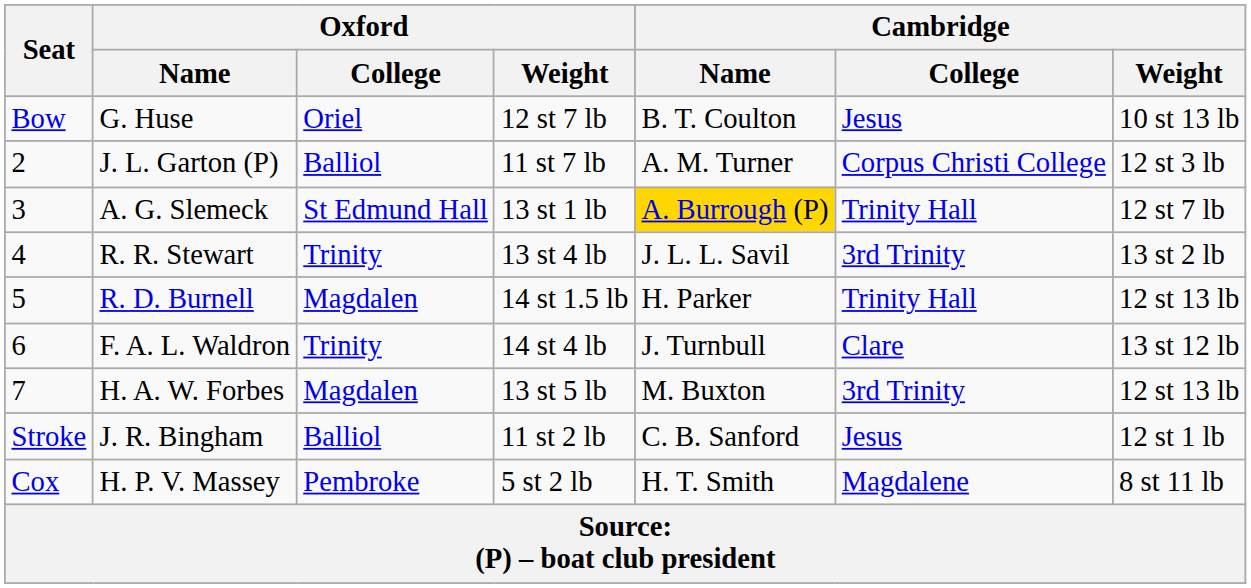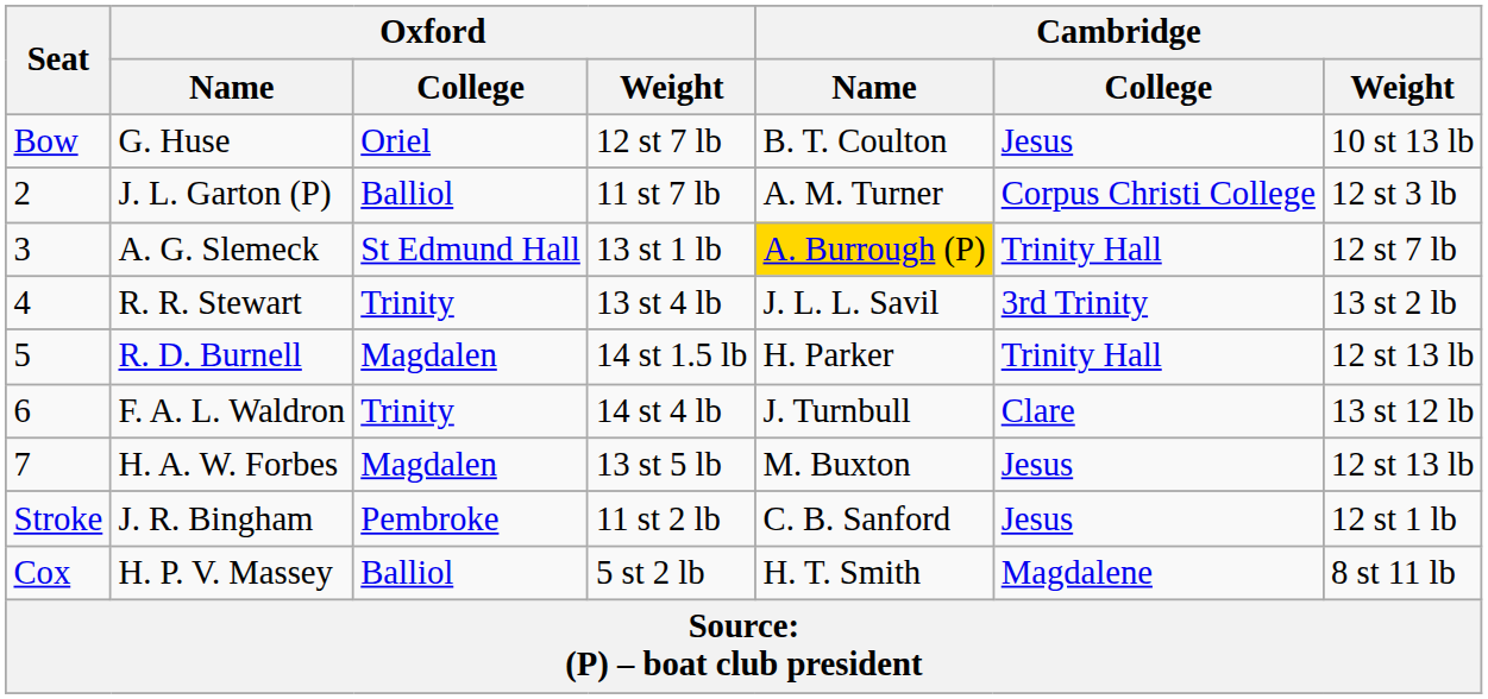 <table class="wikitable">
 <tr>
 <th rowspan="2" scope="col">Seat</th>
 <th colspan="3" scope="col">Oxford <br> </th>
 <th colspan="3" scope="col">Cambridge <br> </th>
 </tr>
 <tr>
 <th>Name</th>
 <th>College</th>
 <th>Weight</th>
 <th>Name</th>
 <th>College</th>
 <th>Weight</th>
 </tr>
 <tr>
 <td><a href='#'>Bow</a></td>
 <td>G. Huse</td>
 <td><a href='#'>Oriel</a></td>
 <td>12 st 7 lb</td>
 <td>B. T. Coulton</td>
 <td><a href='#'>Jesus</a></td>
 <td>10 st 13 lb</td>
 </tr>
 <tr>
 <td>2</td>
 <td>J. L. Garton (P)</td>
 <td><a href='#'>Balliol</a></td>
 <td>11 st 7 lb</td>
 <td>A. M. Turner</td>
 <td><a href='#'>Corpus Christi College</a></td>
 <td>12 st 3 lb</td>
 </tr>
 <tr>
 <td>3</td>
 <td>A. G. Slemeck</td>
 <td><a href='#'>St Edmund Hall</a></td>
 <td>13 st 1 lb</td>
 <td style="background: gold;"><a href='#'>A. Burrough</a> (P)</td>
 <td><a href='#'>Trinity Hall</a></td>
 <td>12 st 7 lb</td>
 </tr>
 <tr>
 <td>4</td>
 <td>R. R. Stewart</td>
 <td><a href='#'>Trinity</a></td>
 <td>13 st 4 lb</td>
 <td>J. L. L. Savil</td>
 <td><a href='#'>3rd Trinity</a></td>
 <td>13 st 2 lb</td>
 </tr>
 <tr>
 <td>5</td>
 <td><a href='#'>R. D. Burnell</a></td>
 <td><a href='#'>Magdalen</a></td>
 <td>14 st 1.5 lb</td>
 <td>H. Parker</td>
 <td><a href='#'>Trinity Hall</a></td>
 <td>12 st 13 lb</td>
 </tr>
 <tr>
 <td>6</td>
 <td>F. A. L. Waldron</td>
 <td><a href='#'>Trinity</a></td>
 <td>14 st 4 lb</td>
 <td>J. Turnbull</td>
 <td><a href='#'>Clare</a></td>
 <td>13 st 12 lb</td>
 </tr>
 <tr>
 <td>7</td>
 <td>H. A. W. Forbes</td>
 <td><a href='#'>Magdalen</a></td>
 <td>13 st 5 lb</td>
 <td>M. Buxton</td>
-<td><a href='#'>3rd Trinity</a></td>
+<td><a href='#'>Jesus</a></td>
 <td>12 st 13 lb</td>
 </tr>
 <tr>
 <td><a href='#'>Stroke</a></td>
 <td>J. R. Bingham</td>
-<td><a href='#'>Balliol</a></td>
+<td><a href='#'>Pembroke</a></td>
 <td>11 st 2 lb</td>
 <td>C. B. Sanford</td>
 <td><a href='#'>Jesus</a></td>
 <td>12 st 1 lb</td>
 </tr>
 <tr>
 <td><a href='#'>Cox</a></td>
 <td>H. P. V. Massey</td>
-<td><a href='#'>Pembroke</a></td>
+<td><a href='#'>Balliol</a></td>
 <td>5 st 2 lb</td>
 <td>H. T. Smith</td>
 <td><a href='#'>Magdalene</a></td>
 <td>8 st 11 lb</td>
 </tr>
 <tr>
 <th colspan="7">Source:<br>(P) – boat club president</th>
 </tr>
 </table>
